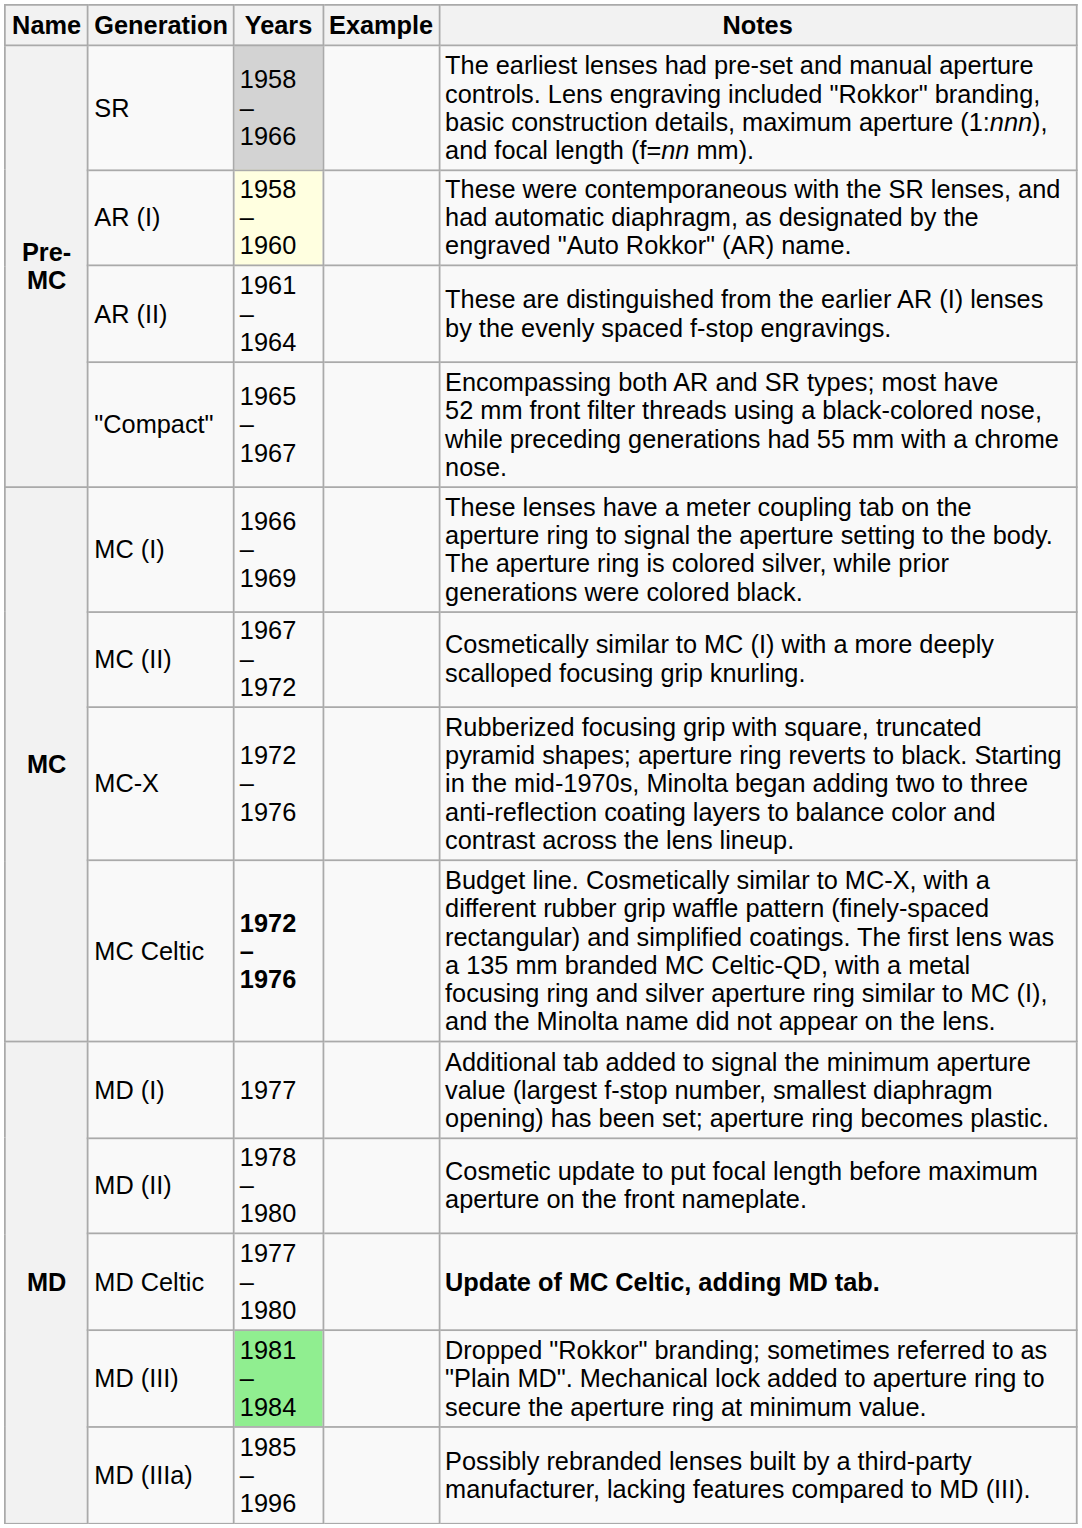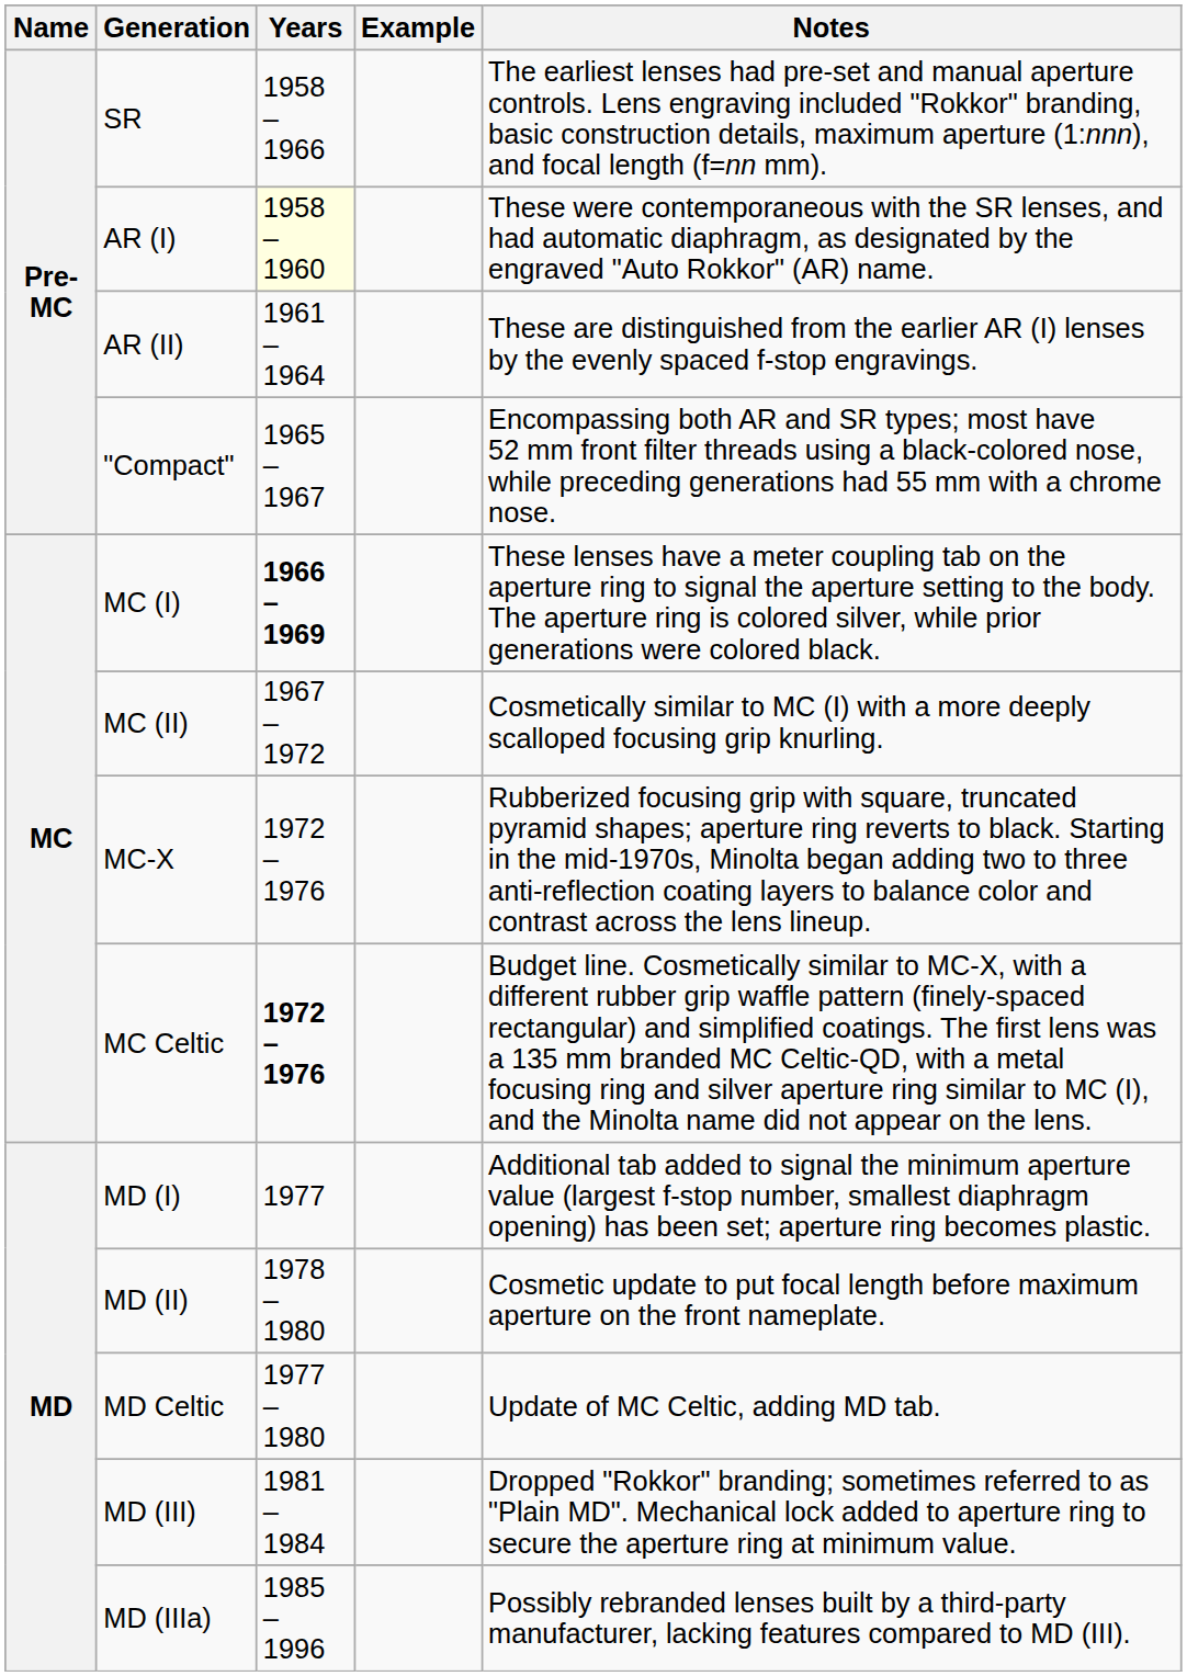 <table class="wikitable" style="font-size:90%;text-align:left">
 <tr>
 <th>Name</th>
 <th>Generation</th>
 <th>Years</th>
 <th>Example</th>
 <th>Notes</th>
 </tr>
 <tr>
 <th rowspan=4>Pre-MC</th>
 <td>SR</td>
-<td style="background: lightgrey;">1958 – 1966</td>
+<td>1958 – 1966</td>
 <td></td>
 <td>The earliest lenses had pre-set and manual aperture controls. Lens engraving included "Rokkor" branding, basic construction details, maximum aperture (1:<em>nnn</em>), and focal length (f=<em>nn</em> mm).</td>
 </tr>
 <tr>
 <td>AR (I)</td>
 <td style="background: lightyellow;">1958 – 1960</td>
 <td></td>
 <td>These were contemporaneous with the SR lenses, and had automatic diaphragm, as designated by the engraved "Auto Rokkor" (AR) name.</td>
 </tr>
 <tr>
 <td>AR (II)</td>
 <td>1961 – 1964</td>
 <td></td>
 <td>These are distinguished from the earlier AR (I) lenses by the evenly spaced f-stop engravings.</td>
 </tr>
 <tr>
 <td>"Compact"</td>
 <td>1965 – 1967</td>
 <td></td>
 <td>Encompassing both AR and SR types; most have 52 mm front filter threads using a black-colored nose, while preceding generations had 55 mm with a chrome nose.</td>
 </tr>
 <tr>
 <th rowspan=4>MC</th>
 <td>MC (I)</td>
-<td>1966 – 1969</td>
+<td><strong>1966 – 1969</strong></td>
 <td></td>
 <td>These lenses have a meter coupling tab on the aperture ring to signal the aperture setting to the body. The aperture ring is colored silver, while prior generations were colored black.</td>
 </tr>
 <tr>
 <td>MC (II)</td>
 <td>1967 – 1972</td>
 <td></td>
 <td>Cosmetically similar to MC (I) with a more deeply scalloped focusing grip knurling.</td>
 </tr>
 <tr>
 <td>MC-X</td>
 <td>1972 – 1976</td>
 <td></td>
 <td>Rubberized focusing grip with square, truncated pyramid shapes; aperture ring reverts to black. Starting in the mid-1970s, Minolta began adding two to three anti-reflection coating layers to balance color and contrast across the lens lineup.</td>
 </tr>
 <tr>
 <td>MC Celtic</td>
 <td><strong>1972 – 1976</strong></td>
 <td></td>
 <td>Budget line. Cosmetically similar to MC-X, with a different rubber grip waffle pattern (finely-spaced rectangular) and simplified coatings. The first lens was a 135 mm  branded MC Celtic-QD, with a metal focusing ring and silver aperture ring similar to MC (I), and the Minolta name did not appear on the lens.</td>
 </tr>
 <tr>
 <th rowspan=5>MD</th>
 <td>MD (I)</td>
 <td>1977</td>
 <td></td>
 <td>Additional tab added to signal the minimum aperture value (largest f-stop number, smallest diaphragm opening) has been set; aperture ring becomes plastic.</td>
 </tr>
 <tr>
 <td>MD (II)</td>
 <td>1978 – 1980</td>
 <td></td>
 <td>Cosmetic update to put focal length before maximum aperture on the front nameplate.</td>
 </tr>
 <tr>
 <td>MD Celtic</td>
 <td>1977 – 1980</td>
 <td></td>
-<td><strong>Update of MC Celtic, adding MD tab.</strong></td>
+<td>Update of MC Celtic, adding MD tab.</td>
 </tr>
 <tr>
 <td>MD (III)</td>
-<td style="background: lightgreen;">1981 – 1984</td>
+<td>1981 – 1984</td>
 <td></td>
 <td>Dropped "Rokkor" branding; sometimes referred to as "Plain MD". Mechanical lock added to aperture ring to secure the aperture ring at minimum value.</td>
 </tr>
 <tr>
 <td>MD (IIIa)</td>
 <td>1985 – 1996</td>
 <td></td>
 <td>Possibly rebranded lenses built by a third-party manufacturer, lacking features compared to MD (III).</td>
 </tr>
 </table>
